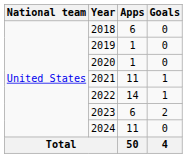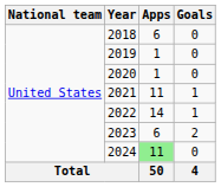 <table class="wikitable" style="text-align:center">
 <tr>
 <th>National team</th>
 <th>Year</th>
 <th>Apps</th>
 <th>Goals</th>
 </tr>
 <tr>
 <td rowspan="7"><a href='#'>United States</a></td>
 <td>2018</td>
 <td>6</td>
 <td>0</td>
 </tr>
 <tr>
 <td>2019</td>
 <td>1</td>
 <td>0</td>
 </tr>
 <tr>
 <td>2020</td>
 <td>1</td>
 <td>0</td>
 </tr>
 <tr>
 <td>2021</td>
 <td>11</td>
 <td>1</td>
 </tr>
 <tr>
 <td>2022</td>
 <td>14</td>
 <td>1</td>
 </tr>
 <tr>
 <td>2023</td>
 <td>6</td>
 <td>2</td>
 </tr>
 <tr>
 <td>2024</td>
-<td>11</td>
+<td style="background: lightgreen;">11</td>
 <td>0</td>
 </tr>
 <tr>
 <th colspan="2">Total</th>
 <th>50</th>
 <th>4</th>
 </tr>
 </table>
